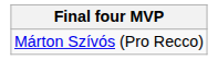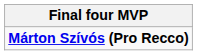 <table class=wikitable style="text-align:left; margin:auto">
 <tr>
 <th>Final four MVP</th>
 </tr>
 <tr>
-<td> <a href='#'>Márton Szívós</a> (Pro Recco)</td>
+<td><strong> <a href='#'>Márton Szívós</a> (Pro Recco)</strong></td>
 </tr>
 </table>
